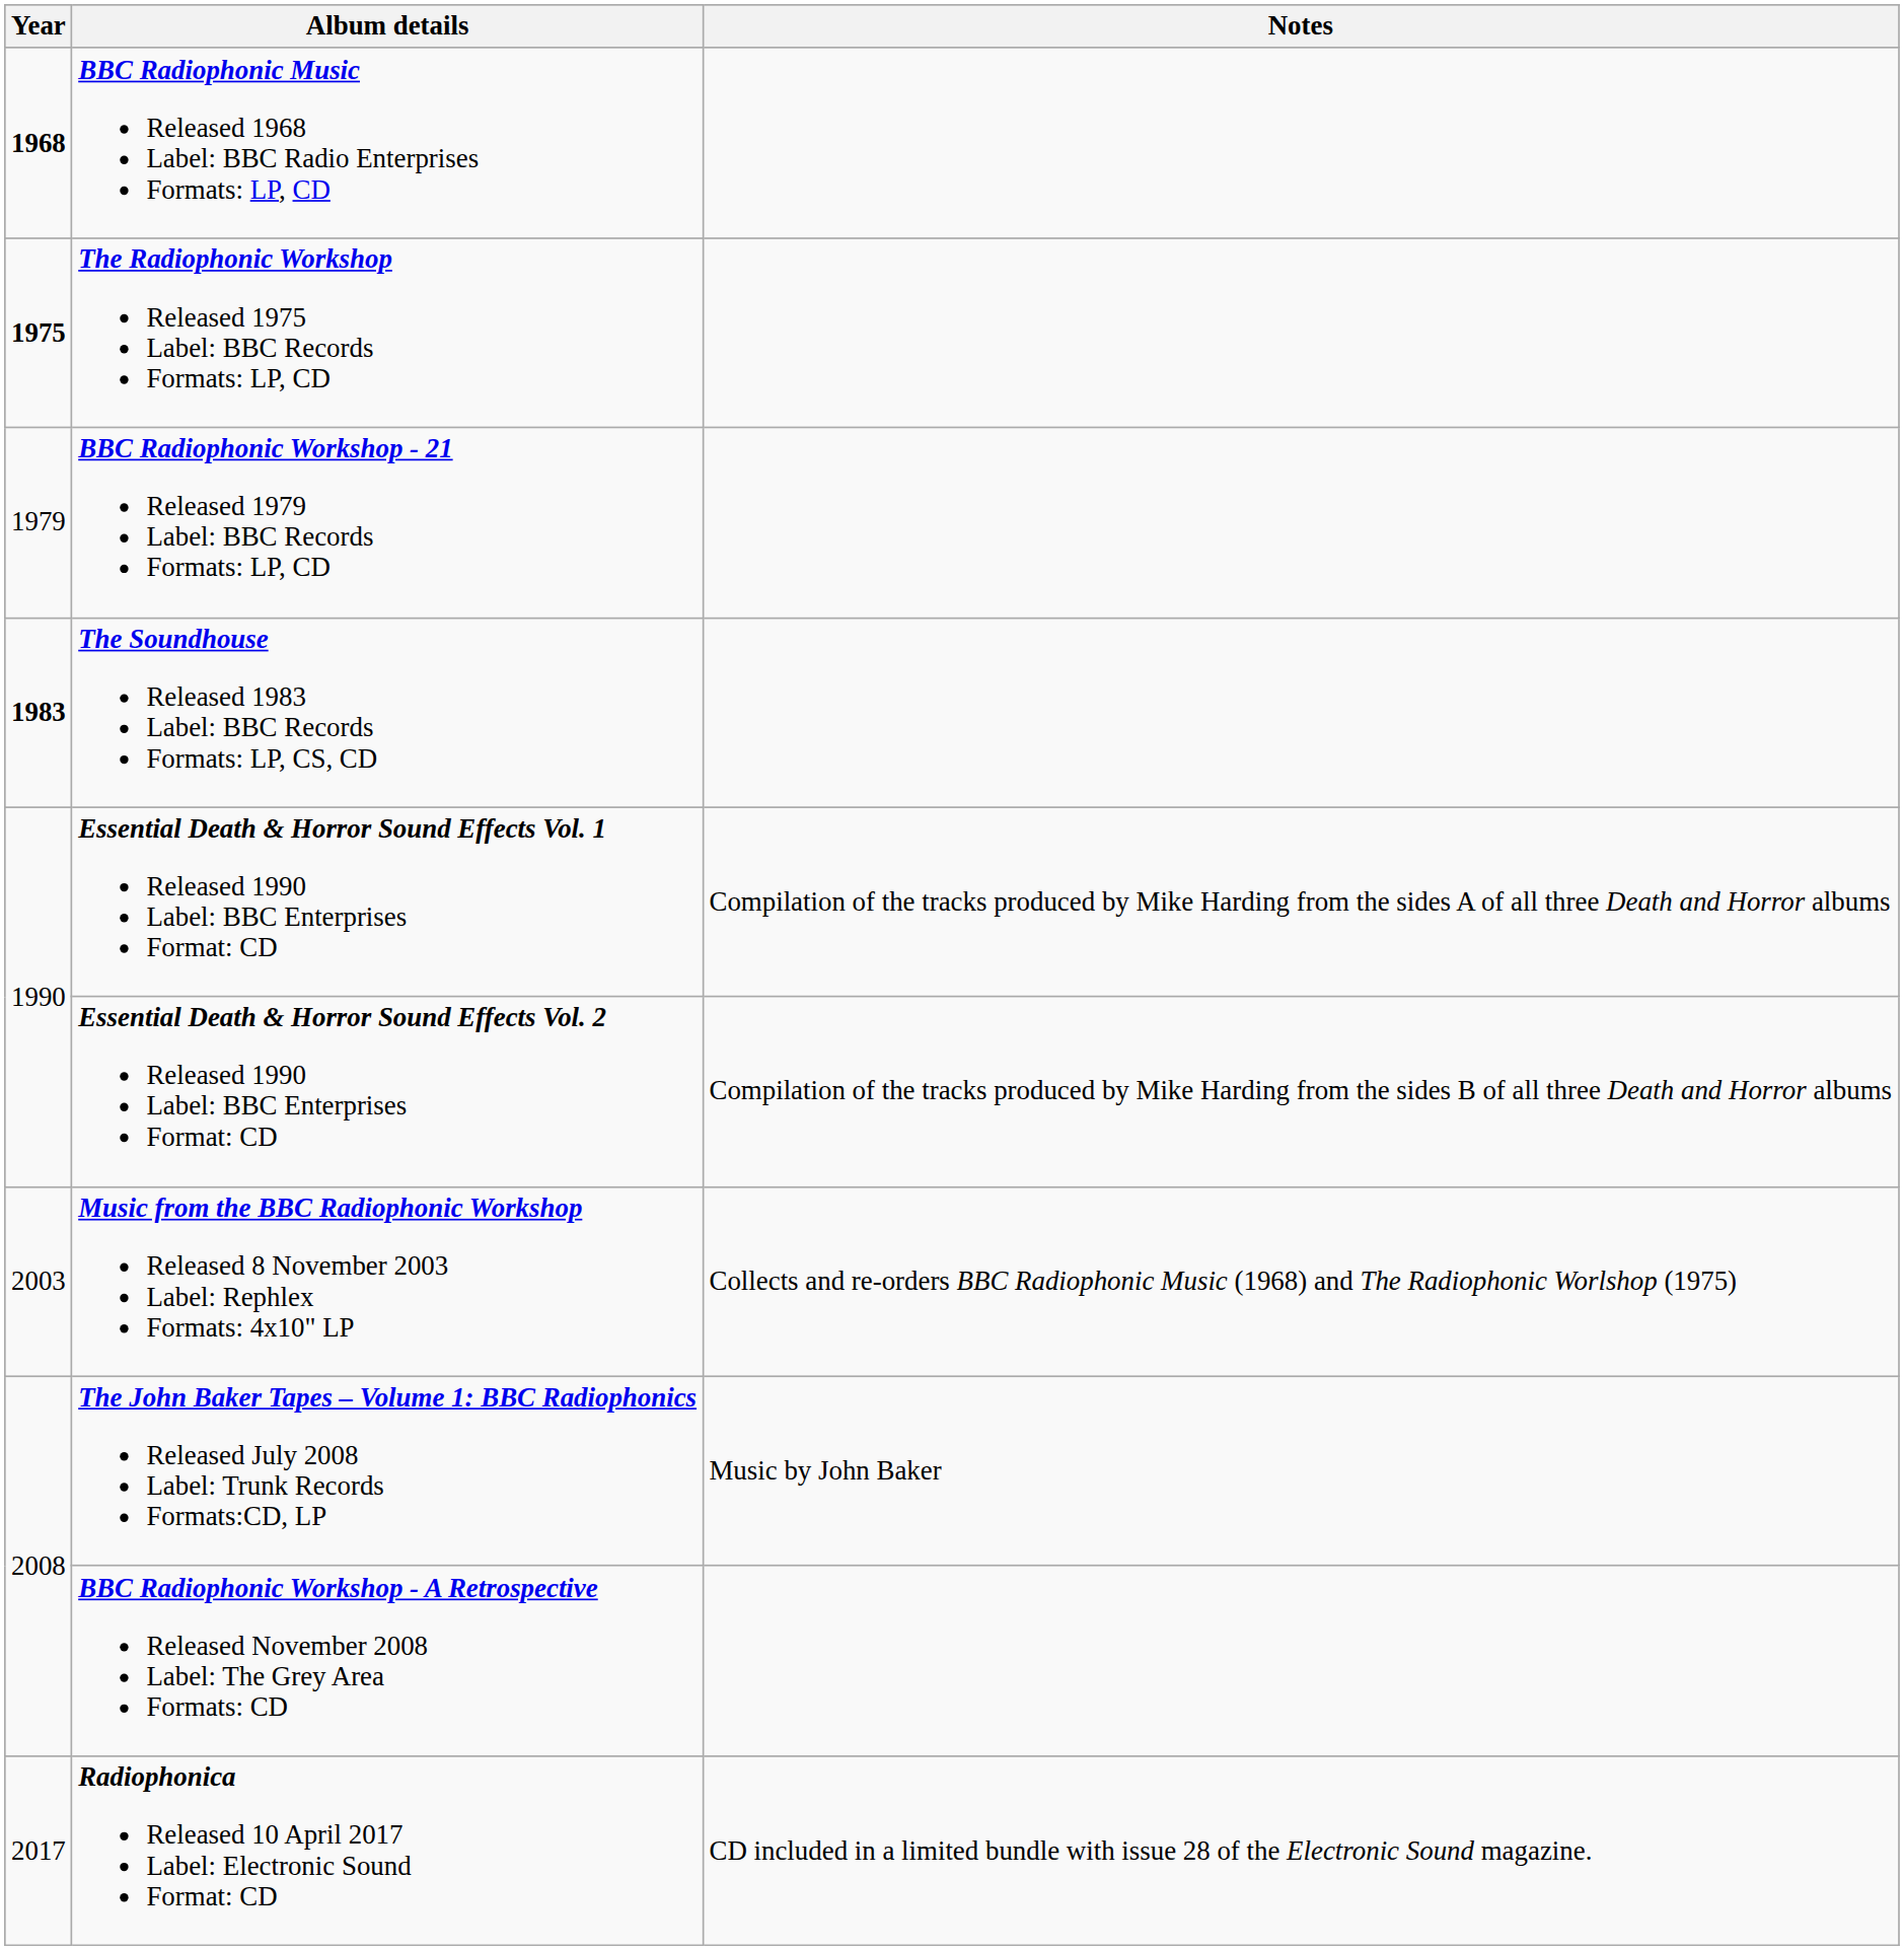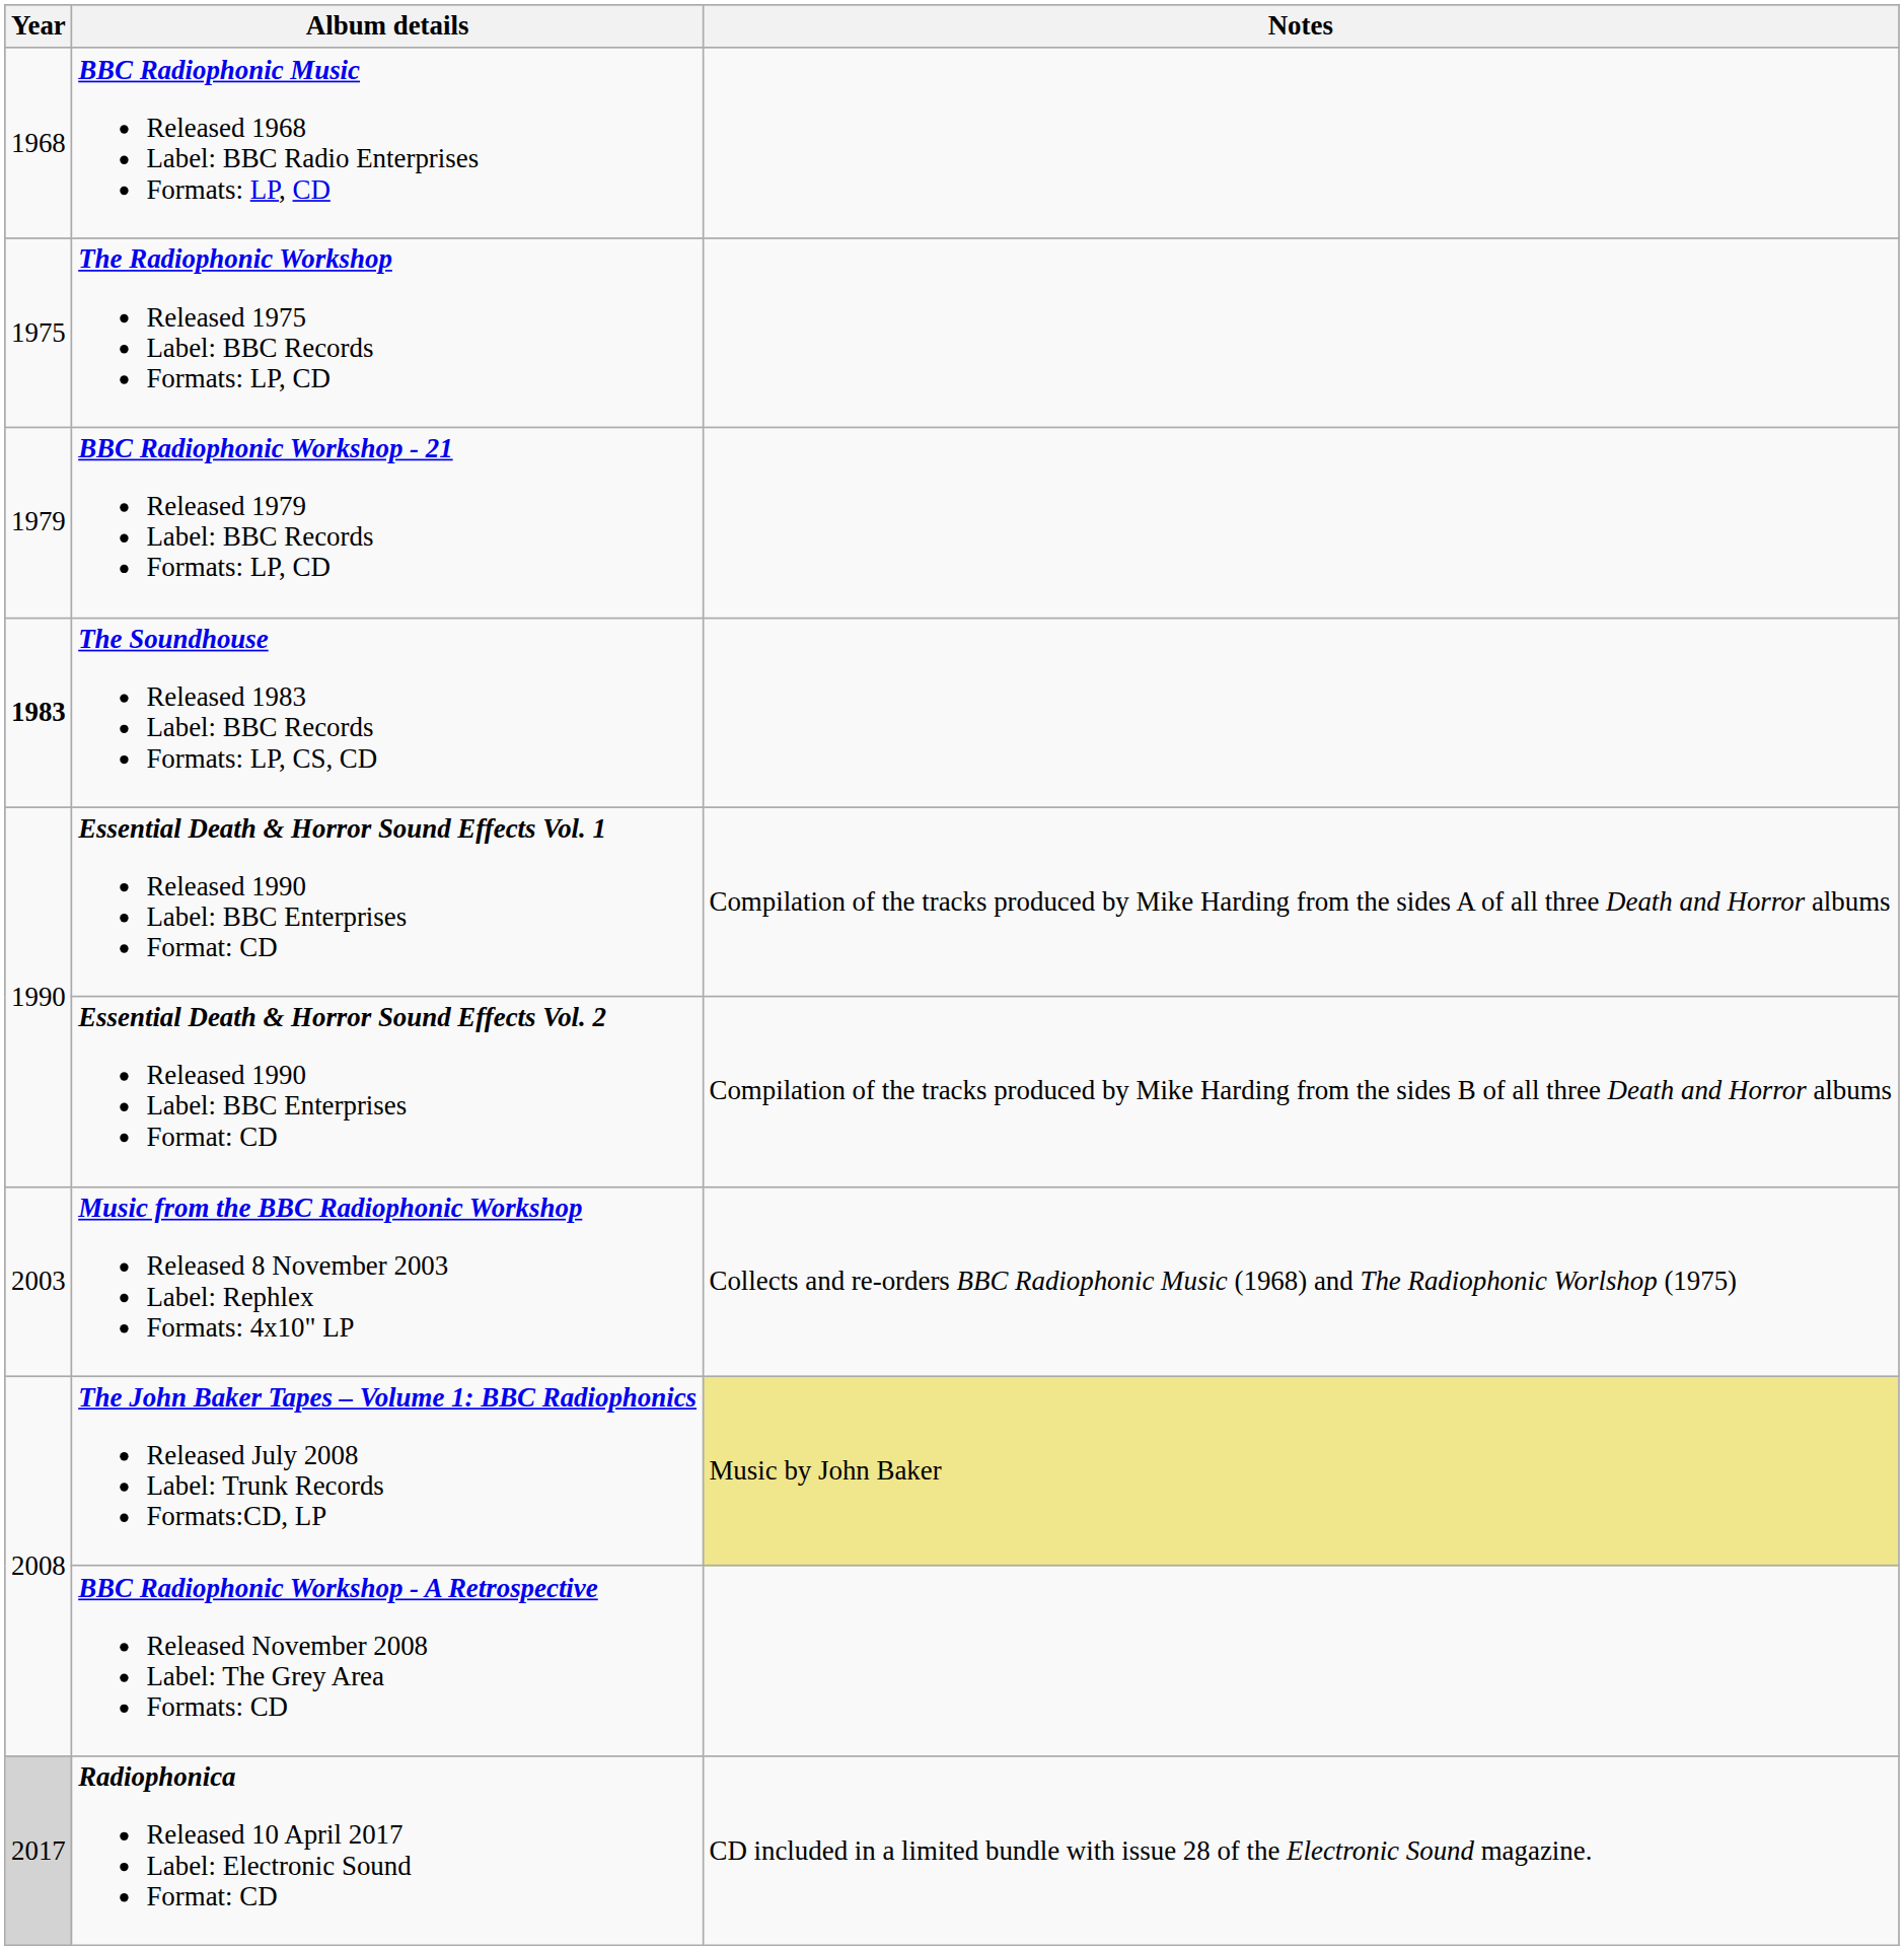 <table class="wikitable">
 <tr>
 <th>Year</th>
 <th>Album details</th>
 <th>Notes</th>
 </tr>
 <tr>
-<td><strong>1968</strong></td>
+<td>1968</td>
 <td><strong><em><a href='#'>BBC Radiophonic Music</a></em></strong><br><ul><li>Released 1968</li><li>Label: BBC Radio Enterprises </li><li>Formats: <a href='#'>LP</a>, <a href='#'>CD</a></li></ul></td>
 <td></td>
 </tr>
 <tr>
-<td><strong>1975</strong></td>
+<td>1975</td>
 <td><strong><em><a href='#'>The Radiophonic Workshop</a></em></strong><br><ul><li>Released 1975</li><li>Label: BBC Records </li><li>Formats: LP, CD</li></ul></td>
 <td></td>
 </tr>
 <tr>
 <td>1979</td>
 <td><strong><em><a href='#'>BBC Radiophonic Workshop - 21</a></em></strong><br><ul><li>Released 1979</li><li>Label: BBC Records </li><li>Formats: LP, CD</li></ul></td>
 <td></td>
 </tr>
 <tr>
 <td><strong>1983</strong></td>
 <td><strong><em><a href='#'>The Soundhouse</a></em></strong><br><ul><li>Released 1983</li><li>Label: BBC Records </li><li>Formats: LP, CS, CD</li></ul></td>
 <td></td>
 </tr>
 <tr>
 <td rowspan="2">1990</td>
 <td><strong><em>Essential Death & Horror Sound Effects Vol. 1</em></strong><br><ul><li>Released 1990</li><li>Label: BBC Enterprises </li><li>Format: CD</li></ul></td>
 <td>Compilation of the tracks produced by Mike Harding from the sides A of all three <em>Death and Horror</em> albums</td>
 </tr>
 <tr>
 <td><strong><em>Essential Death & Horror Sound Effects Vol. 2</em></strong><br><ul><li>Released 1990</li><li>Label: BBC Enterprises </li><li>Format: CD</li></ul></td>
 <td>Compilation of the tracks produced by Mike Harding from the sides B of all three <em>Death and Horror</em> albums</td>
 </tr>
 <tr>
 <td>2003</td>
 <td><strong><em><a href='#'>Music from the BBC Radiophonic Workshop</a></em></strong><br><ul><li>Released 8 November 2003</li><li>Label: Rephlex </li><li>Formats: 4x10" LP</li></ul></td>
 <td>Collects and re-orders <em>BBC Radiophonic Music</em> (1968) and <em>The Radiophonic Worlshop</em> (1975)</td>
 </tr>
 <tr>
 <td rowspan="2">2008</td>
 <td><strong><em><a href='#'>The John Baker Tapes – Volume 1: BBC Radiophonics</a></em></strong><br><ul><li>Released July 2008</li><li>Label: Trunk Records </li><li>Formats:CD, LP</li></ul></td>
-<td>Music by John Baker</td>
+<td style="background: khaki;">Music by John Baker</td>
 </tr>
 <tr>
 <td><strong><em><a href='#'>BBC Radiophonic Workshop - A Retrospective</a></em></strong><br><ul><li>Released November 2008</li><li>Label: The Grey Area </li><li>Formats: CD</li></ul></td>
 <td></td>
 </tr>
 <tr>
-<td>2017</td>
+<td style="background: lightgrey;">2017</td>
 <td><strong><em>Radiophonica</em></strong><br><ul><li>Released 10 April 2017</li><li>Label: Electronic Sound </li><li>Format: CD</li></ul></td>
 <td>CD included in a limited bundle with issue 28 of the <em>Electronic Sound</em> magazine.</td>
 </tr>
 </table>
